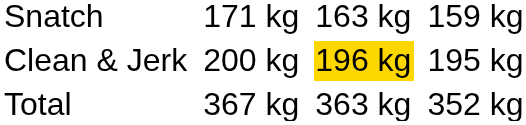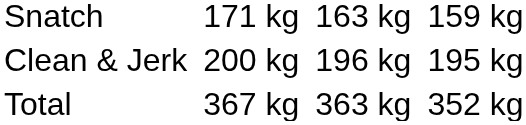 <table>
 <tr>
 <td>Snatch</td>
 <td></td>
 <td>171 kg</td>
 <td></td>
 <td>163 kg</td>
 <td></td>
 <td>159 kg</td>
 </tr>
 <tr>
 <td>Clean & Jerk</td>
 <td></td>
 <td>200 kg</td>
 <td></td>
-<td style="background: gold;">196 kg</td>
+<td>196 kg</td>
 <td></td>
 <td>195 kg</td>
 </tr>
 <tr>
 <td>Total</td>
 <td></td>
 <td>367 kg</td>
 <td></td>
 <td>363 kg</td>
 <td></td>
 <td>352 kg</td>
 </tr>
 </table>
